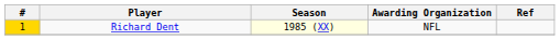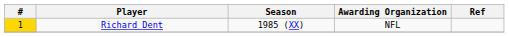 <table class="wikitable" style="text-align:center" width="60%">
 <tr>
 <th scope="col" width=3%>#</th>
 <th scope="col" width=18%>Player</th>
 <th scope="col" width=10%>Season</th>
 <th scope="col" width=9% class="unsortable">Awarding Organization</th>
 <th scope="col" width=5% class="unsortable">Ref</th>
 </tr>
 <tr>
 <td style="background: gold;">1</td>
 <td><a href='#'>Richard Dent</a></td>
-<td align="center" style="background: lightyellow;">1985 (<a href='#'>XX</a>)</td>
+<td align="center">1985 (<a href='#'>XX</a>)</td>
 <td>NFL</td>
 <td></td>
 </tr>
 <tr>
 </tr>
 </table>
